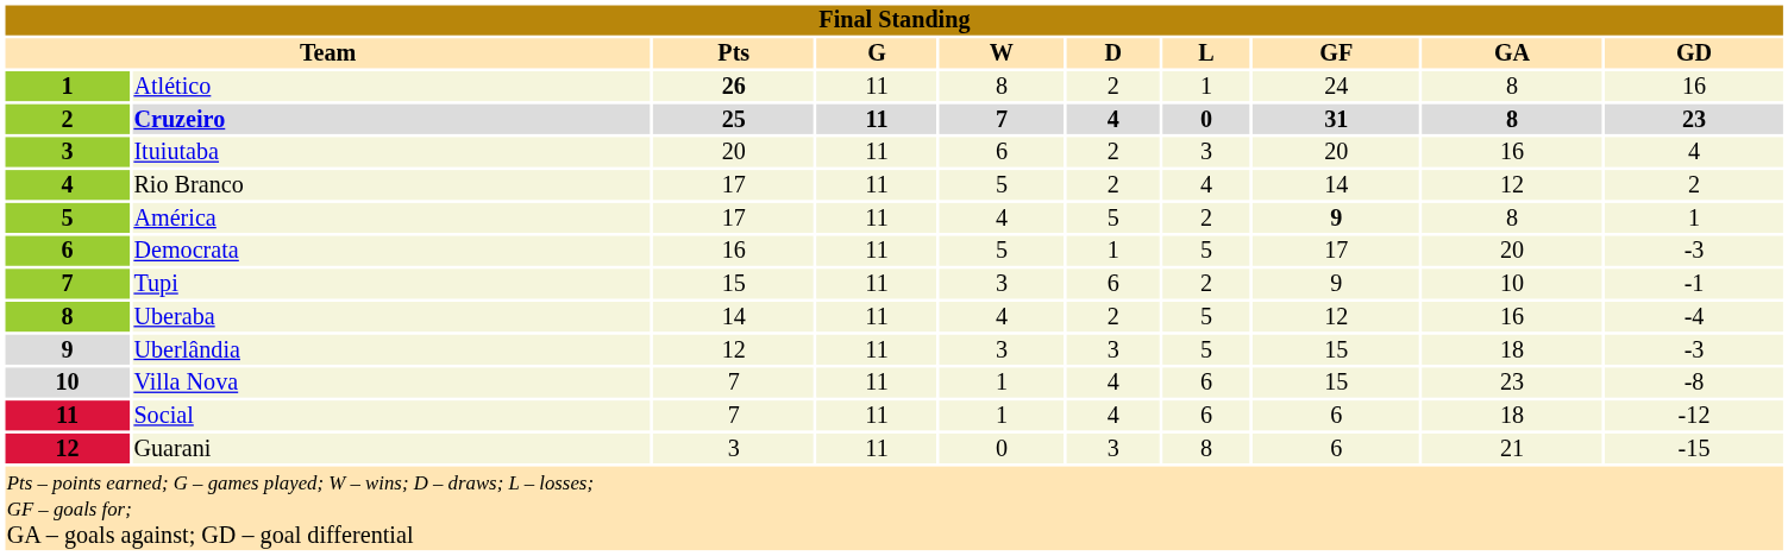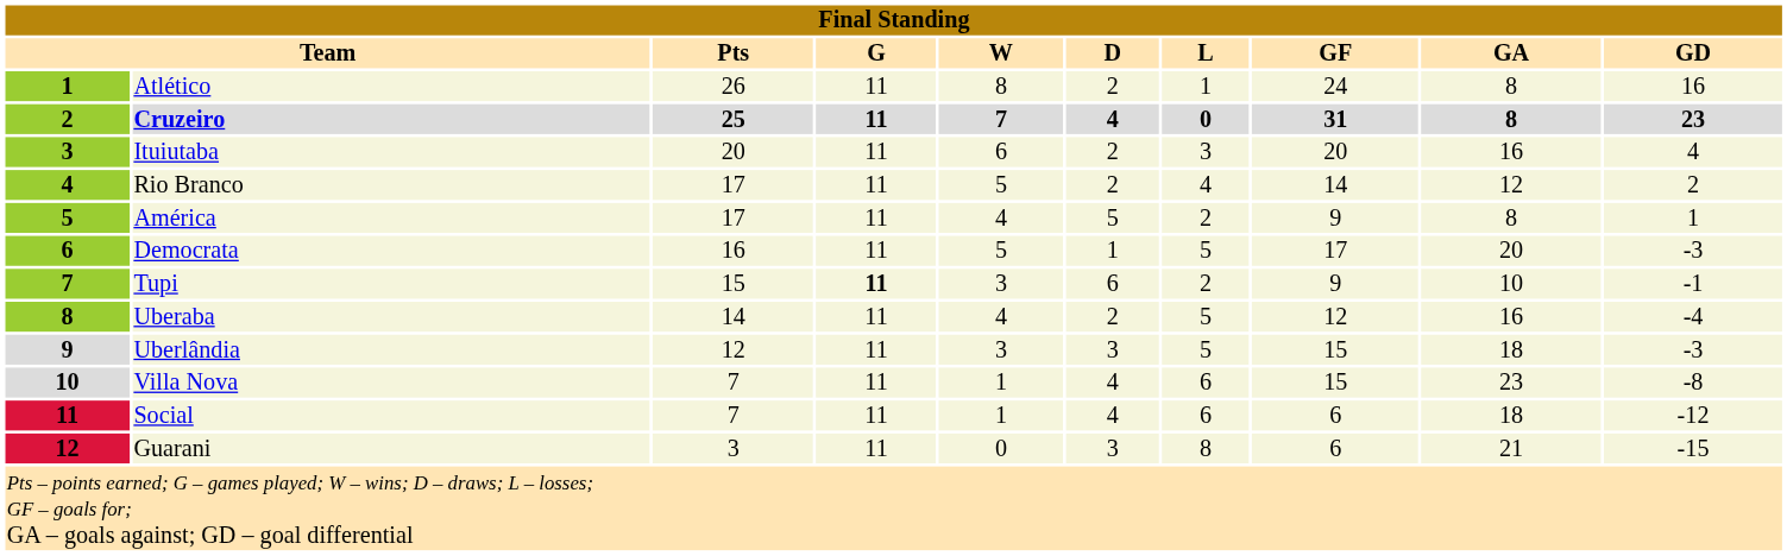 <table width=60%>
 <tr>
 <th colspan="10" bgcolor=#B8860B><span>Final Standing</span></th>
 </tr>
 <tr>
 <th colspan="2" bgcolor=#ffe5b4><span>Team</span></th>
 <th bgcolor=#ffe5b4 align="center"><span>Pts</span></th>
 <th bgcolor=#ffe5b4 align="center"><span>G</span></th>
 <th bgcolor=#ffe5b4 align="center"><span>W</span></th>
 <th bgcolor=#ffe5b4 align="center"><span>D</span></th>
 <th bgcolor=#ffe5b4 align="center"><span>L</span></th>
 <th bgcolor=#ffe5b4 align="center"><span>GF</span></th>
 <th bgcolor=#ffe5b4 align="center"><span>GA</span></th>
 <th bgcolor=#ffe5b4 align="center"><span>GD</span></th>
 </tr>
 <tr>
 <th bgcolor=#9ACD32 align="center"><span>1</span></th>
 <td bgcolor=#f5f5dc><a href='#'>Atlético</a></td>
-<td bgcolor=#f5f5dc align="center"><strong>26</strong></td>
+<td bgcolor=#f5f5dc align="center">26</td>
 <td bgcolor=#f5f5dc align="center">11</td>
 <td bgcolor=#f5f5dc align="center">8</td>
 <td bgcolor=#f5f5dc align="center">2</td>
 <td bgcolor=#f5f5dc align="center">1</td>
 <td bgcolor=#f5f5dc align="center">24</td>
 <td bgcolor=#f5f5dc align="center">8</td>
 <td bgcolor=#f5f5dc align="center">16</td>
 </tr>
 <tr>
 <th bgcolor=#9ACD32 align="center"><span>2</span></th>
 <td bgcolor=#DCDCDC><strong><a href='#'>Cruzeiro</a></strong></td>
 <td bgcolor=#DCDCDC align="center"><strong>25</strong></td>
 <td bgcolor=#DCDCDC align="center"><strong>11</strong></td>
 <td bgcolor=#DCDCDC align="center"><strong>7</strong></td>
 <td bgcolor=#DCDCDC align="center"><strong>4</strong></td>
 <td bgcolor=#DCDCDC align="center"><strong>0</strong></td>
 <td bgcolor=#DCDCDC align="center"><strong>31</strong></td>
 <td bgcolor=#DCDCDC align="center"><strong>8</strong></td>
 <td bgcolor=#DCDCDC align="center"><strong>23</strong></td>
 </tr>
 <tr>
 <th bgcolor=#9ACD32 align="center"><span>3</span></th>
 <td bgcolor=#f5f5dc><a href='#'>Ituiutaba</a></td>
 <td bgcolor=#f5f5dc align="center">20</td>
 <td bgcolor=#f5f5dc align="center">11</td>
 <td bgcolor=#f5f5dc align="center">6</td>
 <td bgcolor=#f5f5dc align="center">2</td>
 <td bgcolor=#f5f5dc align="center">3</td>
 <td bgcolor=#f5f5dc align="center">20</td>
 <td bgcolor=#f5f5dc align="center">16</td>
 <td bgcolor=#f5f5dc align="center">4</td>
 </tr>
 <tr>
 <th bgcolor=#9ACD32 align="center"><span>4</span></th>
 <td bgcolor=#f5f5dc>Rio Branco</td>
 <td bgcolor=#f5f5dc align="center">17</td>
 <td bgcolor=#f5f5dc align="center">11</td>
 <td bgcolor=#f5f5dc align="center">5</td>
 <td bgcolor=#f5f5dc align="center">2</td>
 <td bgcolor=#f5f5dc align="center">4</td>
 <td bgcolor=#f5f5dc align="center">14</td>
 <td bgcolor=#f5f5dc align="center">12</td>
 <td bgcolor=#f5f5dc align="center">2</td>
 </tr>
 <tr>
 <th bgcolor=#9ACD32 align="center"><span>5</span></th>
 <td bgcolor=#f5f5dc><a href='#'>América</a></td>
 <td bgcolor=#f5f5dc align="center">17</td>
 <td bgcolor=#f5f5dc align="center">11</td>
 <td bgcolor=#f5f5dc align="center">4</td>
 <td bgcolor=#f5f5dc align="center">5</td>
 <td bgcolor=#f5f5dc align="center">2</td>
-<td bgcolor=#f5f5dc align="center"><strong>9</strong></td>
+<td bgcolor=#f5f5dc align="center">9</td>
 <td bgcolor=#f5f5dc align="center">8</td>
 <td bgcolor=#f5f5dc align="center">1</td>
 </tr>
 <tr>
 <th bgcolor=#9acd32 align="center"><span>6</span></th>
 <td bgcolor=#f5f5dc><a href='#'>Democrata</a></td>
 <td bgcolor=#f5f5dc align="center">16</td>
 <td bgcolor=#f5f5dc align="center">11</td>
 <td bgcolor=#f5f5dc align="center">5</td>
 <td bgcolor=#f5f5dc align="center">1</td>
 <td bgcolor=#f5f5dc align="center">5</td>
 <td bgcolor=#f5f5dc align="center">17</td>
 <td bgcolor=#f5f5dc align="center">20</td>
 <td bgcolor=#f5f5dc align="center">-3</td>
 </tr>
 <tr>
 <th bgcolor=#9ACD32 align="center"><span>7</span></th>
 <td bgcolor=#f5f5dc><a href='#'>Tupi</a></td>
 <td bgcolor=#f5f5dc align="center">15</td>
-<td bgcolor=#f5f5dc align="center">11</td>
+<td bgcolor=#f5f5dc align="center"><strong>11</strong></td>
 <td bgcolor=#f5f5dc align="center">3</td>
 <td bgcolor=#f5f5dc align="center">6</td>
 <td bgcolor=#f5f5dc align="center">2</td>
 <td bgcolor=#f5f5dc align="center">9</td>
 <td bgcolor=#f5f5dc align="center">10</td>
 <td bgcolor=#f5f5dc align="center">-1</td>
 </tr>
 <tr>
 <th bgcolor=#9acd32 align="center"><span>8</span></th>
 <td bgcolor=#f5f5dc><a href='#'>Uberaba</a></td>
 <td bgcolor=#f5f5dc align="center">14</td>
 <td bgcolor=#f5f5dc align="center">11</td>
 <td bgcolor=#f5f5dc align="center">4</td>
 <td bgcolor=#f5f5dc align="center">2</td>
 <td bgcolor=#f5f5dc align="center">5</td>
 <td bgcolor=#f5f5dc align="center">12</td>
 <td bgcolor=#f5f5dc align="center">16</td>
 <td bgcolor=#f5f5dc align="center">-4</td>
 </tr>
 <tr>
 <th bgcolor=#DCDCDC align="center"><span>9</span></th>
 <td bgcolor=#f5f5dc><a href='#'>Uberlândia</a></td>
 <td bgcolor=#f5f5dc align="center">12</td>
 <td bgcolor=#f5f5dc align="center">11</td>
 <td bgcolor=#f5f5dc align="center">3</td>
 <td bgcolor=#f5f5dc align="center">3</td>
 <td bgcolor=#f5f5dc align="center">5</td>
 <td bgcolor=#f5f5dc align="center">15</td>
 <td bgcolor=#f5f5dc align="center">18</td>
 <td bgcolor=#f5f5dc align="center">-3</td>
 </tr>
 <tr>
 <th bgcolor=#DCDCDC align="center"><span>10</span></th>
 <td bgcolor=#f5f5dc><a href='#'>Villa Nova</a></td>
 <td bgcolor=#f5f5dc align="center">7</td>
 <td bgcolor=#f5f5dc align="center">11</td>
 <td bgcolor=#f5f5dc align="center">1</td>
 <td bgcolor=#f5f5dc align="center">4</td>
 <td bgcolor=#f5f5dc align="center">6</td>
 <td bgcolor=#f5f5dc align="center">15</td>
 <td bgcolor=#f5f5dc align="center">23</td>
 <td bgcolor=#f5f5dc align="center">-8</td>
 </tr>
 <tr>
 <th bgcolor=#DC143C align="center"><span>11</span></th>
 <td bgcolor=#f5f5dc><a href='#'>Social</a></td>
 <td bgcolor=#f5f5dc align="center">7</td>
 <td bgcolor=#f5f5dc align="center">11</td>
 <td bgcolor=#f5f5dc align="center">1</td>
 <td bgcolor=#f5f5dc align="center">4</td>
 <td bgcolor=#f5f5dc align="center">6</td>
 <td bgcolor=#f5f5dc align="center">6</td>
 <td bgcolor=#f5f5dc align="center">18</td>
 <td bgcolor=#f5f5dc align="center">-12</td>
 </tr>
 <tr>
 <th bgcolor=#DC143C align="center"><span>12</span></th>
 <td bgcolor=#f5f5dc>Guarani</td>
 <td bgcolor=#f5f5dc align="center">3</td>
 <td bgcolor=#f5f5dc align="center">11</td>
 <td bgcolor=#f5f5dc align="center">0</td>
 <td bgcolor=#f5f5dc align="center">3</td>
 <td bgcolor=#f5f5dc align="center">8</td>
 <td bgcolor=#f5f5dc align="center">6</td>
 <td bgcolor=#f5f5dc align="center">21</td>
 <td bgcolor=#f5f5dc align="center">-15</td>
 </tr>
 <tr bgcolor=#ffe5b4>
 <td colspan="10"><small><em>Pts – points earned; G – games played; W – wins; D – draws; L – losses;</em></small><br> <small><em>GF – goals for;</em></small><br>GA – goals against; GD – goal differential</td>
 </tr>
 </table>
